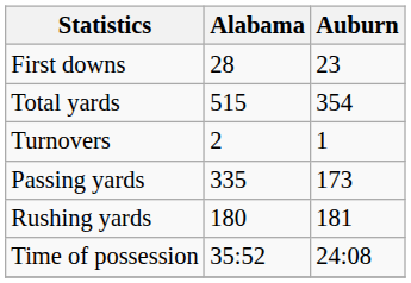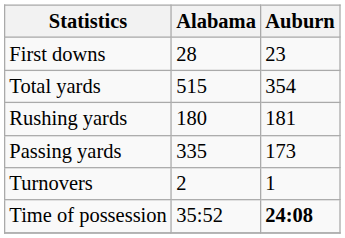 <table class="wikitable" style="float: left;">
 <tr>
 <th>Statistics</th>
 <th>Alabama</th>
 <th>Auburn</th>
 </tr>
 <tr>
 <td>First downs</td>
 <td>28</td>
 <td>23</td>
 </tr>
 <tr>
 <td>Total yards</td>
 <td>515</td>
 <td>354</td>
 </tr>
 <tr>
-<td>Turnovers</td>
-<td>2</td>
-<td>1</td>
+<td>Rushing yards</td>
+<td>180</td>
+<td>181</td>
 </tr>
 <tr>
 <td>Passing yards</td>
 <td>335</td>
 <td>173</td>
 </tr>
 <tr>
-<td>Rushing yards</td>
-<td>180</td>
-<td>181</td>
+<td>Turnovers</td>
+<td>2</td>
+<td>1</td>
 </tr>
 <tr>
 <td>Time of possession</td>
 <td>35:52</td>
-<td>24:08</td>
+<td><strong>24:08</strong></td>
 </tr>
 <tr>
 </tr>
 </table>
